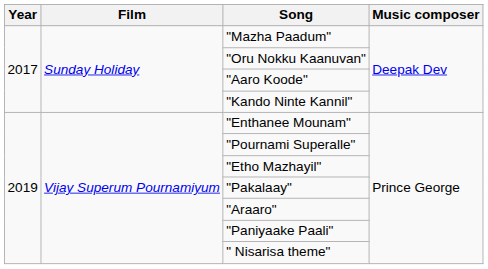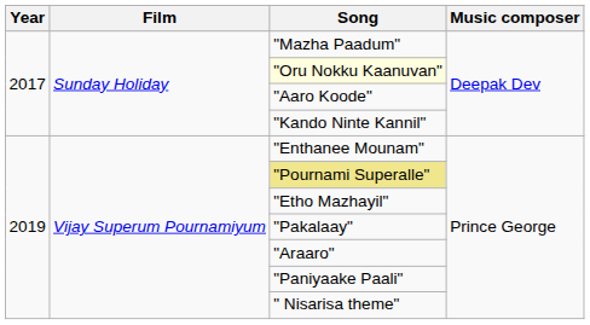 <table class="wikitable">
 <tr style="background:#ccc; text-align:center;">
 <th>Year</th>
 <th>Film</th>
 <th>Song</th>
 <th>Music composer</th>
 </tr>
 <tr>
 <td rowspan="4">2017</td>
 <td rowspan="4"><em><a href='#'>Sunday Holiday</a></em></td>
 <td>"Mazha Paadum"</td>
 <td rowspan="4"><a href='#'>Deepak Dev</a></td>
 </tr>
 <tr>
-<td>"Oru Nokku Kaanuvan"</td>
+<td style="background: lightyellow;">"Oru Nokku Kaanuvan"</td>
 </tr>
 <tr>
 <td>"Aaro Koode"</td>
 </tr>
 <tr>
 <td>"Kando Ninte Kannil"</td>
 </tr>
 <tr>
 <td rowspan="7">2019</td>
 <td rowspan="7"><em><a href='#'>Vijay Superum Pournamiyum</a></em></td>
 <td>"Enthanee Mounam"</td>
 <td rowspan="7">Prince George</td>
 </tr>
 <tr>
-<td>"Pournami Superalle"</td>
+<td style="background: khaki;">"Pournami Superalle"</td>
 </tr>
 <tr>
 <td>"Etho Mazhayil"</td>
 </tr>
 <tr>
 <td>"Pakalaay"</td>
 </tr>
 <tr>
 <td>"Araaro"</td>
 </tr>
 <tr>
 <td>"Paniyaake Paali"</td>
 </tr>
 <tr>
 <td>" Nisarisa theme"</td>
 </tr>
 </table>
